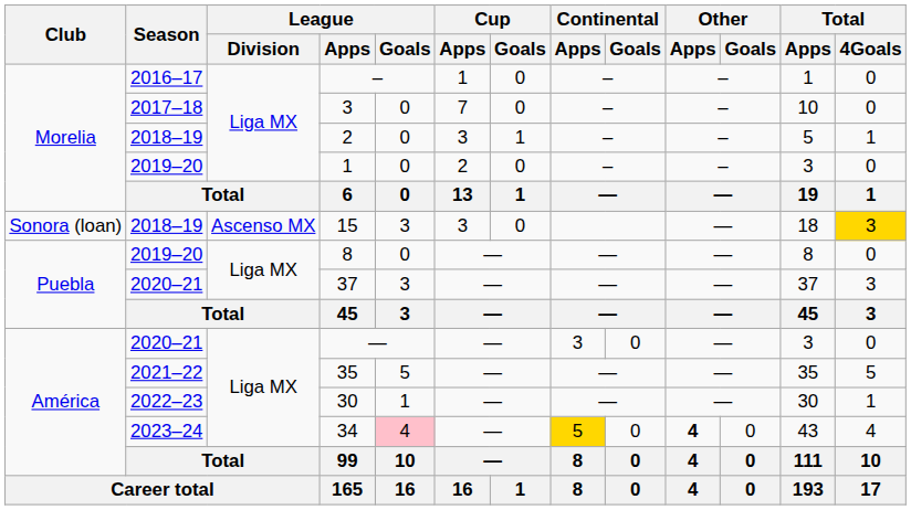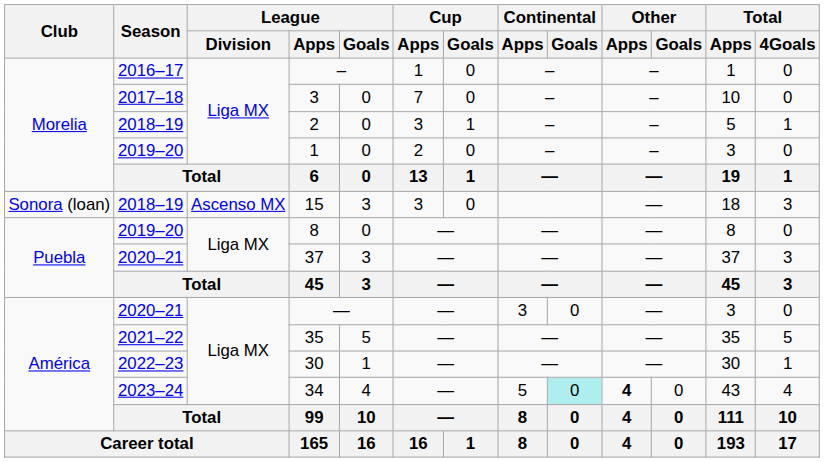 <table class="wikitable" style="text-align: center">
 <tr>
 <th rowspan="2">Club</th>
 <th rowspan="2">Season</th>
 <th colspan="3">League</th>
 <th colspan="2">Cup</th>
 <th colspan="2">Continental</th>
 <th colspan="2">Other</th>
 <th colspan="2">Total</th>
 </tr>
 <tr>
 <th>Division</th>
 <th>Apps</th>
 <th>Goals</th>
 <th>Apps</th>
 <th>Goals</th>
 <th>Apps</th>
 <th>Goals</th>
 <th>Apps</th>
 <th>Goals</th>
 <th>Apps</th>
 <th>4Goals</th>
 </tr>
 <tr>
 <td rowspan="5"><a href='#'>Morelia</a></td>
 <td><a href='#'>2016–17</a></td>
 <td rowspan="4"><a href='#'>Liga MX</a></td>
 <td colspan=2>–</td>
 <td>1</td>
 <td>0</td>
 <td colspan="2">–</td>
 <td colspan=2>–</td>
 <td>1</td>
 <td>0</td>
 </tr>
 <tr>
 <td><a href='#'>2017–18</a></td>
 <td>3</td>
 <td>0</td>
 <td>7</td>
 <td>0</td>
 <td colspan=2>–</td>
 <td colspan=2>–</td>
 <td>10</td>
 <td>0</td>
 </tr>
 <tr>
 <td><a href='#'>2018–19</a></td>
 <td>2</td>
 <td>0</td>
 <td>3</td>
 <td>1</td>
 <td colspan=2>–</td>
 <td colspan=2>–</td>
 <td>5</td>
 <td>1</td>
 </tr>
 <tr>
 <td><a href='#'>2019–20</a></td>
 <td>1</td>
 <td>0</td>
 <td>2</td>
 <td>0</td>
 <td colspan=2>–</td>
 <td colspan=2>–</td>
 <td>3</td>
 <td>0</td>
 </tr>
 <tr>
 <th colspan="2">Total</th>
 <th>6</th>
 <th>0</th>
 <th>13</th>
 <th>1</th>
 <th colspan=2>—</th>
 <th colspan=2>—</th>
 <th>19</th>
 <th>1</th>
 </tr>
 <tr>
 <td><a href='#'>Sonora</a> (loan)</td>
 <td><a href='#'>2018–19</a></td>
 <td><a href='#'>Ascenso MX</a></td>
 <td>15</td>
 <td>3</td>
 <td>3</td>
 <td>0</td>
 <td colspan=2></td>
 <td colspan="2">—</td>
 <td>18</td>
-<td style="background: gold;">3</td>
+<td>3</td>
 </tr>
 <tr>
 <td rowspan="3"><a href='#'>Puebla</a></td>
 <td><a href='#'>2019–20</a></td>
 <td rowspan="2">Liga MX</td>
 <td>8</td>
 <td>0</td>
 <td colspan=2>—</td>
 <td colspan=2>—</td>
 <td colspan=2>—</td>
 <td>8</td>
 <td>0</td>
 </tr>
 <tr>
 <td><a href='#'>2020–21</a></td>
 <td>37</td>
 <td>3</td>
 <td colspan=2>—</td>
 <td colspan=2>—</td>
 <td colspan="2">—</td>
 <td>37</td>
 <td>3</td>
 </tr>
 <tr>
 <th colspan="2">Total</th>
 <th>45</th>
 <th>3</th>
 <th colspan="2">—</th>
 <th colspan="2">—</th>
 <th colspan=2>—</th>
 <th>45</th>
 <th>3</th>
 </tr>
 <tr>
 <td rowspan="5"><a href='#'>América</a></td>
 <td><a href='#'>2020–21</a></td>
 <td rowspan="4">Liga MX</td>
 <td colspan=2>—</td>
 <td colspan=2>—</td>
 <td>3</td>
 <td>0</td>
 <td colspan=2>—</td>
 <td>3</td>
 <td>0</td>
 </tr>
 <tr>
 <td><a href='#'>2021–22</a></td>
 <td>35</td>
 <td>5</td>
 <td colspan=2>—</td>
 <td colspan=2>—</td>
 <td colspan=2>—</td>
 <td>35</td>
 <td>5</td>
 </tr>
 <tr>
 <td><a href='#'>2022–23</a></td>
 <td>30</td>
 <td>1</td>
 <td colspan=2>—</td>
 <td colspan=2>—</td>
 <td colspan=2>—</td>
 <td>30</td>
 <td>1</td>
 </tr>
 <tr>
 <td><a href='#'>2023–24</a></td>
 <td>34</td>
-<td style="background: pink;">4</td>
+<td>4</td>
 <td colspan="2">—</td>
-<td style="background: gold;">5</td>
-<td>0</td>
+<td>5</td>
+<td style="background: paleturquoise;">0</td>
 <td><strong>4</strong></td>
 <td>0</td>
 <td>43</td>
 <td>4</td>
 </tr>
 <tr>
 <th colspan="2">Total</th>
 <th>99</th>
 <th>10</th>
 <th colspan="2">—</th>
 <th>8</th>
 <th>0</th>
 <th>4</th>
 <th>0</th>
 <th>111</th>
 <th>10</th>
 </tr>
 <tr>
 <th colspan="3">Career total</th>
 <th>165</th>
 <th>16</th>
 <th>16</th>
 <th>1</th>
 <th>8</th>
 <th>0</th>
 <th>4</th>
 <th>0</th>
 <th>193</th>
 <th>17</th>
 </tr>
 </table>
